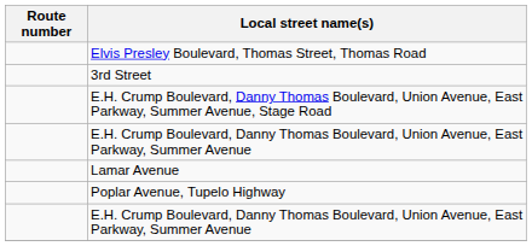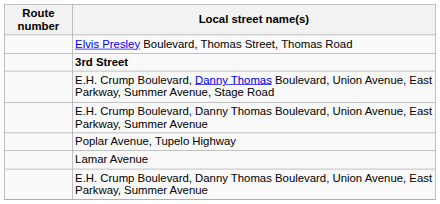 <table class="wikitable unsortable">
 <tr>
 <th>Route number</th>
 <th>Local street name(s)</th>
 </tr>
 <tr>
 <td></td>
 <td><a href='#'>Elvis Presley</a> Boulevard, Thomas Street, Thomas Road</td>
 </tr>
 <tr>
 <td></td>
-<td>3rd Street</td>
+<td><strong>3rd Street</strong></td>
 </tr>
 <tr>
 <td></td>
 <td>E.H. Crump Boulevard, <a href='#'>Danny Thomas</a> Boulevard, Union Avenue, East Parkway, Summer Avenue, Stage Road</td>
 </tr>
 <tr>
 <td></td>
 <td>E.H. Crump Boulevard, Danny Thomas Boulevard, Union Avenue, East Parkway, Summer Avenue</td>
 </tr>
 <tr>
 <td></td>
-<td>Lamar Avenue</td>
+<td>Poplar Avenue, Tupelo Highway</td>
 </tr>
 <tr>
 <td></td>
-<td>Poplar Avenue, Tupelo Highway</td>
+<td>Lamar Avenue</td>
 </tr>
 <tr>
 <td></td>
 <td>E.H. Crump Boulevard, Danny Thomas Boulevard, Union Avenue, East Parkway, Summer Avenue</td>
 </tr>
 <tr>
 </tr>
 </table>
